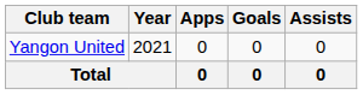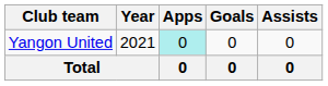 <table class=wikitable style="text-align: center;">
 <tr>
 <th>Club team</th>
 <th>Year</th>
 <th>Apps</th>
 <th>Goals</th>
 <th>Assists</th>
 </tr>
 <tr>
 <td rowspan=1><a href='#'>Yangon United</a></td>
 <td>2021</td>
-<td>0</td>
+<td style="background: paleturquoise;">0</td>
 <td>0</td>
 <td>0</td>
 </tr>
 <tr>
 <th colspan=2>Total</th>
 <th>0</th>
 <th>0</th>
 <th>0</th>
 </tr>
 </table>
